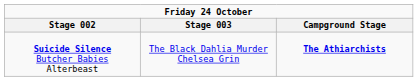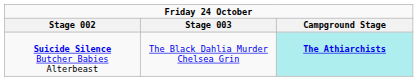 <table class="wikitable">
 <tr>
 <td colspan="3" style="text-align:center;"><strong>Friday 24 October</strong></td>
 </tr>
 <tr>
 <th>Stage 002</th>
 <th>Stage 003</th>
 <th>Campground Stage</th>
 </tr>
 <tr>
 <td style="text-align:center; vertical-align:top; width:200px;"><br><strong><a href='#'>Suicide Silence</a></strong><br> <a href='#'>Butcher Babies</a><br> Alterbeast<br></td>
 <td style="text-align:center; vertical-align:top; width:200px;"><br><a href='#'>The Black Dahlia Murder</a><br> <a href='#'>Chelsea Grin</a><br></td>
-<td style="text-align:center; vertical-align:top; width:200px;"><br><strong><a href='#'>The Athiarchists</a></strong></td>
+<td style="background: paleturquoise; text-align:center; vertical-align:top; width:200px;"><br><strong><a href='#'>The Athiarchists</a></strong></td>
 </tr>
 </table>
